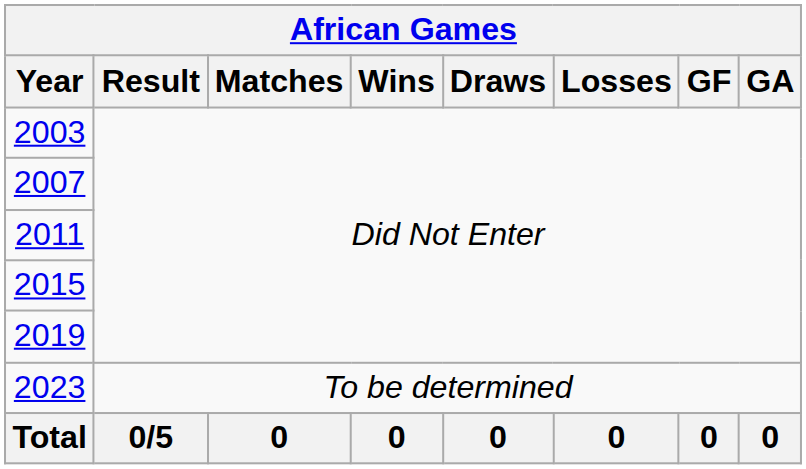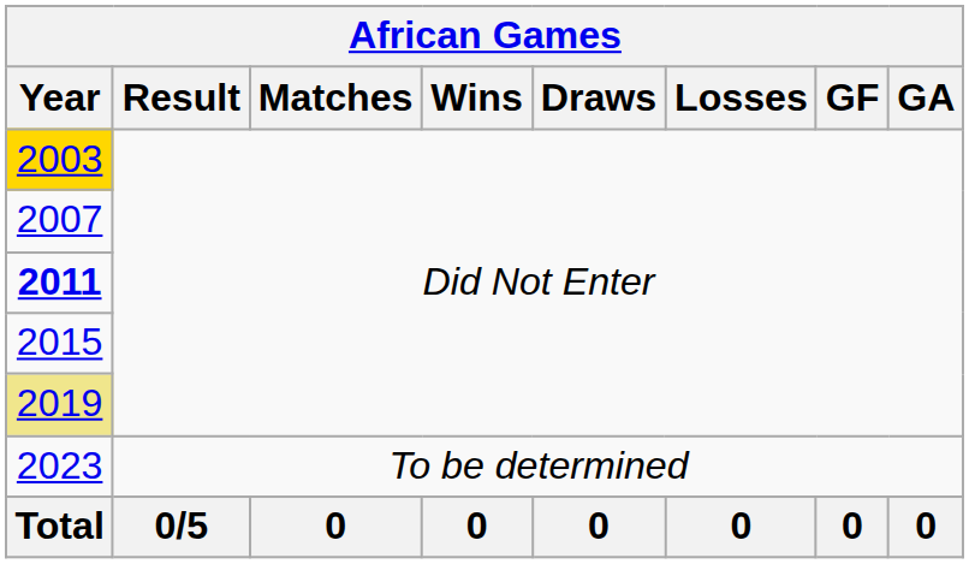 <table class="wikitable" style="text-align: center;">
 <tr>
 <th colspan=10><a href='#'>African Games</a></th>
 </tr>
 <tr>
 <th>Year</th>
 <th>Result</th>
 <th>Matches</th>
 <th>Wins</th>
 <th>Draws</th>
 <th>Losses</th>
 <th>GF</th>
 <th>GA</th>
 </tr>
 <tr>
-<td> <a href='#'>2003</a></td>
+<td style="background: gold;"> <a href='#'>2003</a></td>
 <td rowspan=5 colspan=7><em>Did Not Enter</em></td>
 </tr>
 <tr>
 <td> <a href='#'>2007</a></td>
 </tr>
 <tr>
-<td> <a href='#'>2011</a></td>
+<td><strong> <a href='#'>2011</a></strong></td>
 </tr>
 <tr>
 <td> <a href='#'>2015</a></td>
 </tr>
 <tr>
-<td> <a href='#'>2019</a></td>
+<td style="background: khaki;"> <a href='#'>2019</a></td>
 </tr>
 <tr>
 <td> <a href='#'>2023</a></td>
 <td colspan=7><em>To be determined</em></td>
 </tr>
 <tr>
 <th>Total</th>
 <th>0/5</th>
 <th>0</th>
 <th>0</th>
 <th>0</th>
 <th>0</th>
 <th>0</th>
 <th>0</th>
 </tr>
 </table>
